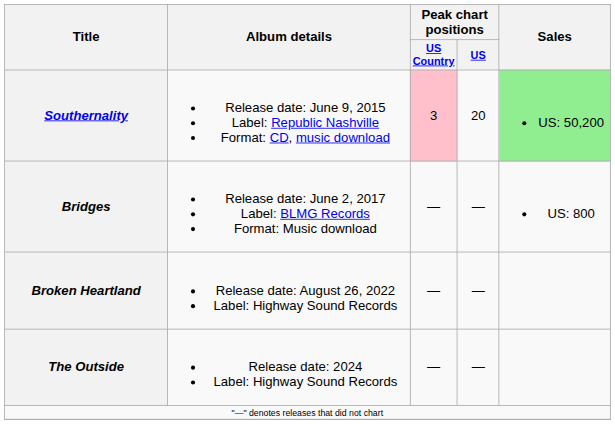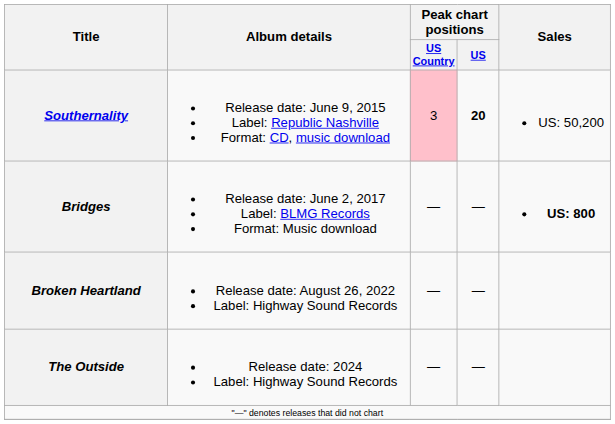 <table class="wikitable plainrowheaders" style="text-align:center;">
 <tr>
 <th rowspan="2" style="width:12em;">Title</th>
 <th rowspan="2" style="width:18em;">Album details</th>
 <th colspan="2">Peak chart<br>positions</th>
 <th rowspan="2" style="width:8em;">Sales</th>
 </tr>
 <tr style="font-size:smaller;">
 <th style="width:45px;"><a href='#'>US Country</a></th>
 <th style="width:45px;"><a href='#'>US</a></th>
 </tr>
 <tr>
 <th scope="row"><em><a href='#'>Southernality</a></em></th>
 <td><br><ul><li>Release date: June 9, 2015</li><li>Label: <a href='#'>Republic Nashville</a></li><li>Format: <a href='#'>CD</a>, <a href='#'>music download</a></li></ul></td>
 <td style="background: pink;">3</td>
-<td>20</td>
-<td style="background: lightgreen;"><br><ul><li>US: 50,200</li></ul></td>
+<td><strong>20</strong></td>
+<td><br><ul><li>US: 50,200</li></ul></td>
 </tr>
 <tr>
 <th scope="row"><em>Bridges</em></th>
 <td><br><ul><li>Release date: June 2, 2017</li><li>Label: <a href='#'>BLMG Records</a></li><li>Format: Music download</li></ul></td>
 <td>—</td>
 <td>—</td>
-<td><br><ul><li>US: 800</li></ul></td>
+<td><strong><br><ul><li>US: 800</li></ul></strong></td>
 </tr>
 <tr>
 <th scope="row"><em>Broken Heartland</em></th>
 <td><br><ul><li>Release date: August 26, 2022</li><li>Label: Highway Sound Records</li></ul></td>
 <td>—</td>
 <td>—</td>
 <td></td>
 </tr>
 <tr>
 <th scope="row"><em>The Outside</em></th>
 <td><br><ul><li>Release date: 2024</li><li>Label: Highway Sound Records</li></ul></td>
 <td>—</td>
 <td>—</td>
 <td></td>
 </tr>
 <tr>
 <td colspan="10" style="font-size:8pt">"—" denotes releases that did not chart</td>
 </tr>
 <tr>
 </tr>
 </table>
